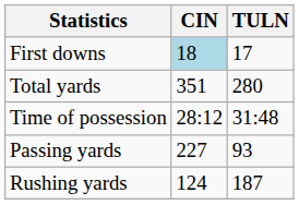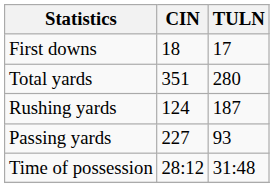 <table class="wikitable">
 <tr>
 <th>Statistics</th>
 <th>CIN</th>
 <th>TULN</th>
 </tr>
 <tr>
 <td>First downs</td>
-<td style="background: lightblue;">18</td>
+<td>18</td>
 <td>17</td>
 </tr>
 <tr>
 <td>Total yards</td>
 <td>351</td>
 <td>280</td>
 </tr>
 <tr>
-<td>Time of possession</td>
-<td>28:12</td>
-<td>31:48</td>
+<td>Rushing yards</td>
+<td>124</td>
+<td>187</td>
 </tr>
 <tr>
 <td>Passing yards</td>
 <td>227</td>
 <td>93</td>
 </tr>
 <tr>
-<td>Rushing yards</td>
-<td>124</td>
-<td>187</td>
+<td>Time of possession</td>
+<td>28:12</td>
+<td>31:48</td>
 </tr>
 <tr>
 </tr>
 </table>
